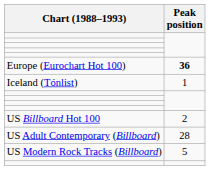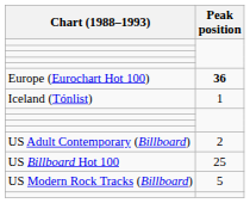 <table class="wikitable sortable">
 <tr>
 <th>Chart (1988–1993)</th>
 <th>Peak<br>position</th>
 </tr>
 <tr>
 <td></td>
 </tr>
 <tr>
 <td></td>
 </tr>
 <tr>
 <td></td>
 </tr>
 <tr>
 <td></td>
 </tr>
 <tr>
 <td></td>
 </tr>
 <tr>
 <td>Europe (<a href='#'>Eurochart Hot 100</a>)</td>
 <td align="center"><strong>36</strong></td>
 </tr>
 <tr>
 <td>Iceland (<a href='#'>Tónlist</a>)</td>
 <td align="center">1</td>
 </tr>
 <tr>
 <td></td>
 </tr>
 <tr>
 <td></td>
 </tr>
 <tr>
 <td></td>
 </tr>
 <tr>
 <td></td>
 </tr>
 <tr>
-<td>US <a href='#'><em>Billboard</em> Hot 100</a></td>
+<td>US <a href='#'>Adult Contemporary</a> (<em><a href='#'>Billboard</a></em>)</td>
 <td align="center">2</td>
 </tr>
 <tr>
-<td>US <a href='#'>Adult Contemporary</a> (<em><a href='#'>Billboard</a></em>)</td>
-<td align="center">28</td>
+<td>US <a href='#'><em>Billboard</em> Hot 100</a></td>
+<td align="center">25</td>
 </tr>
 <tr>
 <td>US <a href='#'>Modern Rock Tracks</a> (<em><a href='#'>Billboard</a></em>)</td>
 <td align="center">5</td>
 </tr>
 <tr>
 <td></td>
 </tr>
 </table>
